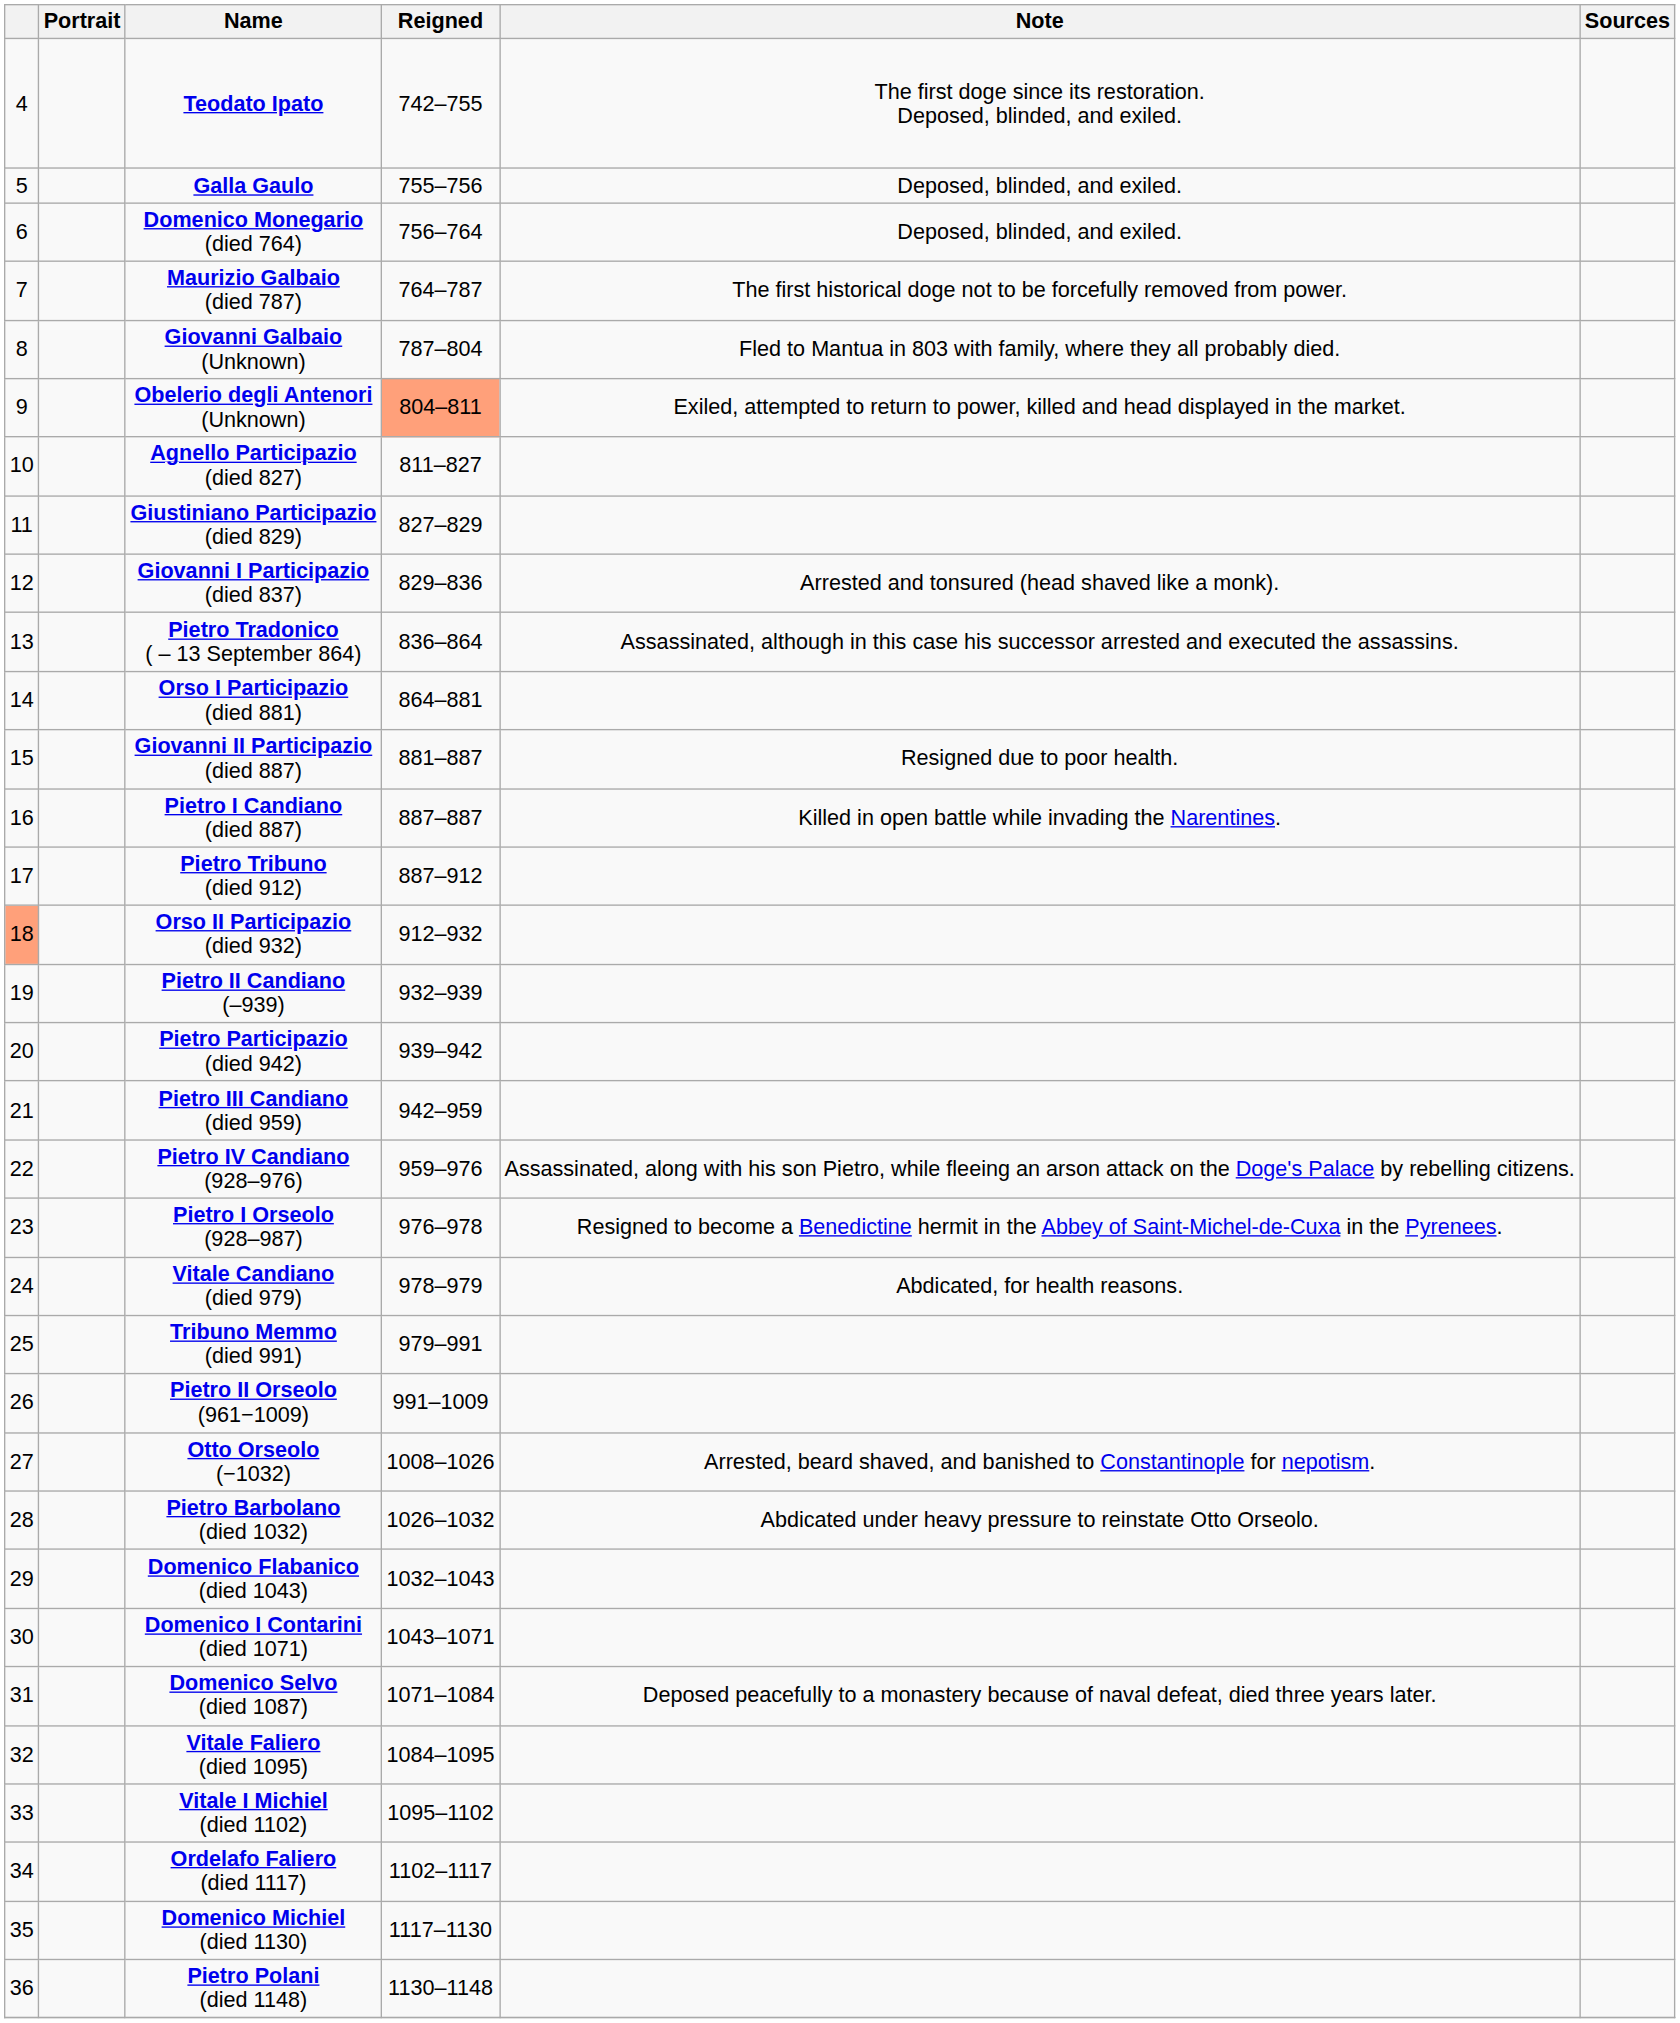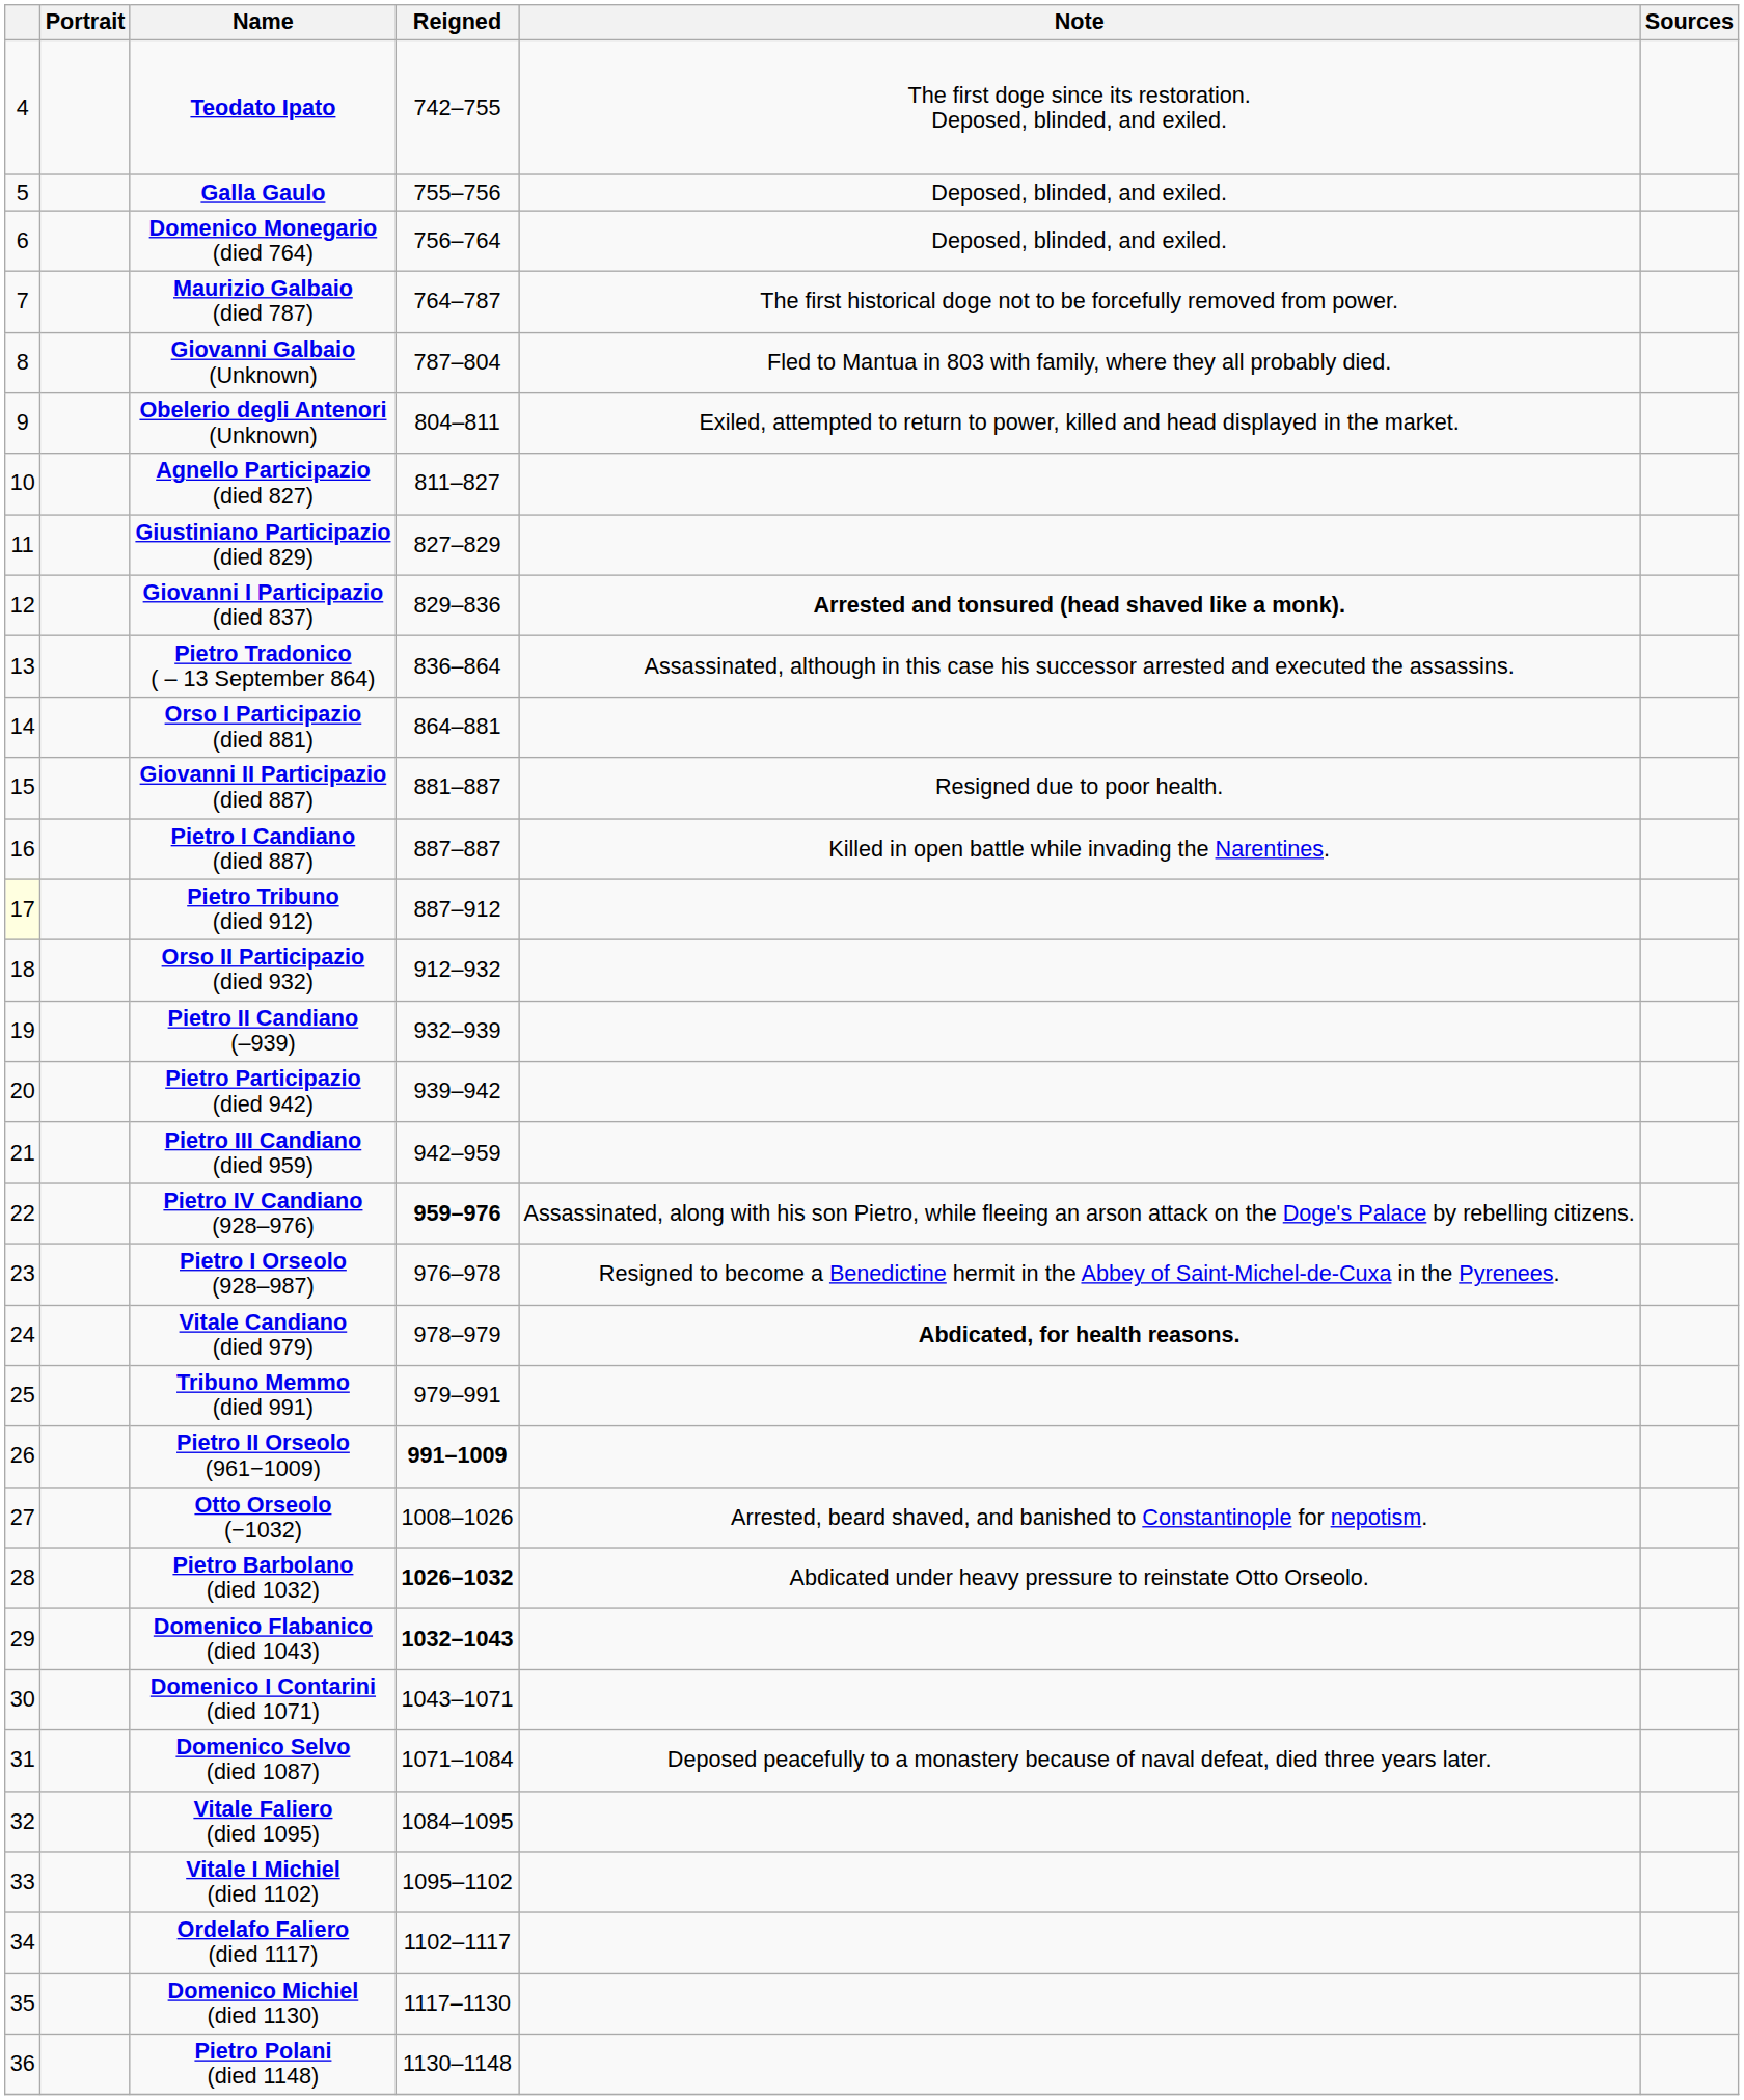 <table class="wikitable sortable" style="text-align:center;">
 <tr>
 <th scope="col"></th>
 <th scope="col" class="unsortable">Portrait</th>
 <th scope="col">Name<br></th>
 <th scope="col" class="unsortable">Reigned</th>
 <th scope="col">Note</th>
 <th scope="col">Sources</th>
 </tr>
 <tr style="height:6em;">
 <td>4</td>
 <td></td>
 <td><strong><a href='#'>Teodato Ipato</a></strong></td>
 <td>742–755</td>
 <td>The first doge since its restoration.<br>Deposed, blinded, and exiled.</td>
 <td></td>
 </tr>
 <tr>
 <td>5</td>
 <td></td>
 <td><strong><a href='#'>Galla Gaulo</a></strong></td>
 <td>755–756</td>
 <td>Deposed, blinded, and exiled.</td>
 <td></td>
 </tr>
 <tr>
 <td>6</td>
 <td></td>
 <td><strong><a href='#'>Domenico Monegario</a></strong><br>(died 764)</td>
 <td>756–764</td>
 <td>Deposed, blinded, and exiled.</td>
 <td></td>
 </tr>
 <tr>
 <td>7</td>
 <td></td>
 <td><strong><a href='#'>Maurizio Galbaio</a></strong><br>(died 787)</td>
 <td>764–787</td>
 <td>The first historical doge not to be forcefully removed from power.</td>
 <td></td>
 </tr>
 <tr>
 <td>8</td>
 <td></td>
 <td><strong><a href='#'>Giovanni Galbaio</a></strong><br>(Unknown)</td>
 <td>787–804</td>
 <td>Fled to Mantua in 803 with family, where they all probably died.</td>
 <td></td>
 </tr>
 <tr>
 <td>9</td>
 <td></td>
 <td><strong><a href='#'>Obelerio degli Antenori</a></strong><br>(Unknown)</td>
-<td style="background: lightsalmon;">804–811</td>
+<td>804–811</td>
 <td>Exiled, attempted to return to power, killed and head displayed in the market.</td>
 <td></td>
 </tr>
 <tr>
 <td>10</td>
 <td></td>
 <td><strong><a href='#'>Agnello Participazio</a></strong><br>(died 827)</td>
 <td>811–827</td>
 <td></td>
 <td></td>
 </tr>
 <tr>
 <td>11</td>
 <td></td>
 <td><strong><a href='#'>Giustiniano Participazio</a></strong><br>(died 829)</td>
 <td>827–829</td>
 <td></td>
 <td></td>
 </tr>
 <tr>
 <td>12</td>
 <td></td>
 <td><strong><a href='#'>Giovanni I Participazio</a></strong><br>(died 837)</td>
 <td>829–836</td>
-<td>Arrested and tonsured (head shaved like a monk).</td>
+<td><strong>Arrested and tonsured (head shaved like a monk).</strong></td>
 <td></td>
 </tr>
 <tr>
 <td>13</td>
 <td></td>
 <td><strong><a href='#'>Pietro Tradonico</a></strong><br>( – 13 September 864)</td>
 <td>836–864</td>
 <td>Assassinated, although in this case his successor arrested and executed the assassins.</td>
 <td></td>
 </tr>
 <tr>
 <td>14</td>
 <td></td>
 <td><strong><a href='#'>Orso I Participazio</a></strong><br>(died 881)</td>
 <td>864–881</td>
 <td></td>
 </tr>
 <tr>
 <td>15</td>
 <td></td>
 <td><strong><a href='#'>Giovanni II Participazio</a></strong><br>(died 887)</td>
 <td>881–887</td>
 <td>Resigned due to poor health.</td>
 <td></td>
 </tr>
 <tr>
 <td>16</td>
 <td></td>
 <td><strong><a href='#'>Pietro I Candiano</a></strong><br>(died 887)</td>
 <td>887–887</td>
 <td>Killed in open battle while invading the <a href='#'>Narentines</a>.</td>
 <td></td>
 </tr>
 <tr>
-<td>17</td>
+<td style="background: lightyellow;">17</td>
 <td></td>
 <td><strong><a href='#'>Pietro Tribuno</a></strong><br>(died 912)</td>
 <td>887–912</td>
 <td></td>
 <td></td>
 </tr>
 <tr>
-<td style="background: lightsalmon;">18</td>
+<td>18</td>
 <td></td>
 <td><strong><a href='#'>Orso II Participazio</a></strong><br>(died 932)</td>
 <td>912–932</td>
 <td></td>
 <td></td>
 </tr>
 <tr>
 <td>19</td>
 <td></td>
 <td><strong><a href='#'>Pietro II Candiano</a></strong><br>(–939)</td>
 <td>932–939</td>
 <td></td>
 <td></td>
 </tr>
 <tr>
 <td>20</td>
 <td></td>
 <td><strong><a href='#'>Pietro Participazio</a></strong><br>(died 942)</td>
 <td>939–942</td>
 <td></td>
 <td></td>
 </tr>
 <tr>
 <td>21</td>
 <td></td>
 <td><strong><a href='#'>Pietro III Candiano</a></strong><br>(died 959)</td>
 <td>942–959</td>
 <td></td>
 <td></td>
 </tr>
 <tr>
 <td>22</td>
 <td></td>
 <td><strong><a href='#'>Pietro IV Candiano</a></strong><br>(928–976)</td>
-<td>959–976</td>
+<td><strong>959–976</strong></td>
 <td>Assassinated, along with his son Pietro, while fleeing an arson attack on the <a href='#'>Doge's Palace</a> by rebelling citizens.</td>
 <td></td>
 </tr>
 <tr>
 <td>23</td>
 <td></td>
 <td><strong><a href='#'>Pietro I Orseolo</a></strong><br>(928–987)</td>
 <td>976–978</td>
 <td>Resigned to become a <a href='#'>Benedictine</a> hermit in the <a href='#'>Abbey of Saint-Michel-de-Cuxa</a> in the <a href='#'>Pyrenees</a>.</td>
 <td></td>
 </tr>
 <tr>
 <td>24</td>
 <td></td>
 <td><strong><a href='#'>Vitale Candiano</a></strong><br>(died 979)</td>
 <td>978–979</td>
-<td>Abdicated, for health reasons.</td>
+<td><strong>Abdicated, for health reasons.</strong></td>
 <td></td>
 </tr>
 <tr>
 <td>25</td>
 <td></td>
 <td><strong><a href='#'>Tribuno Memmo</a></strong><br>(died 991)</td>
 <td>979–991</td>
 <td></td>
 <td></td>
 </tr>
 <tr>
 <td>26</td>
 <td></td>
 <td><strong><a href='#'>Pietro II Orseolo</a></strong><br>(961−1009)</td>
-<td>991–1009</td>
+<td><strong>991–1009</strong></td>
 <td></td>
 <td></td>
 </tr>
 <tr>
 <td>27</td>
 <td></td>
 <td><strong><a href='#'>Otto Orseolo</a></strong><br>(−1032)</td>
 <td>1008–1026</td>
 <td>Arrested, beard shaved, and banished to <a href='#'>Constantinople</a> for <a href='#'>nepotism</a>.</td>
 </tr>
 <tr>
 <td>28</td>
 <td></td>
 <td><strong><a href='#'>Pietro Barbolano</a></strong><br>(died 1032)</td>
-<td>1026–1032</td>
+<td><strong>1026–1032</strong></td>
 <td>Abdicated under heavy pressure to reinstate Otto Orseolo.</td>
 <td></td>
 </tr>
 <tr>
 <td>29</td>
 <td></td>
 <td><strong><a href='#'>Domenico Flabanico</a></strong><br>(died 1043)</td>
-<td>1032–1043</td>
+<td><strong>1032–1043</strong></td>
 <td></td>
 <td></td>
 </tr>
 <tr>
 <td>30</td>
 <td></td>
 <td><strong><a href='#'>Domenico I Contarini</a></strong><br>(died 1071)</td>
 <td>1043–1071</td>
 <td></td>
 <td></td>
 </tr>
 <tr>
 <td>31</td>
 <td></td>
 <td><strong><a href='#'>Domenico Selvo</a></strong><br>(died 1087)</td>
 <td>1071–1084</td>
 <td>Deposed peacefully to a monastery because of naval defeat, died three years later.</td>
 <td></td>
 </tr>
 <tr>
 <td>32</td>
 <td></td>
 <td><strong><a href='#'>Vitale Faliero</a></strong><br>(died 1095)</td>
 <td>1084–1095</td>
 <td></td>
 <td></td>
 </tr>
 <tr>
 <td>33</td>
 <td></td>
 <td><strong><a href='#'>Vitale I Michiel</a></strong><br>(died 1102)</td>
 <td>1095–1102</td>
 <td></td>
 <td></td>
 </tr>
 <tr>
 <td>34</td>
 <td></td>
 <td><strong><a href='#'>Ordelafo Faliero</a></strong><br>(died 1117)</td>
 <td>1102–1117</td>
 <td></td>
 <td></td>
 </tr>
 <tr>
 <td>35</td>
 <td></td>
 <td><strong><a href='#'>Domenico Michiel</a></strong><br>(died 1130)</td>
 <td>1117–1130</td>
 <td></td>
 <td></td>
 </tr>
 <tr>
 <td>36</td>
 <td></td>
 <td><strong><a href='#'>Pietro Polani</a></strong><br>(died 1148)</td>
 <td>1130–1148</td>
 <td></td>
 <td></td>
 </tr>
 <tr>
 </tr>
 </table>
